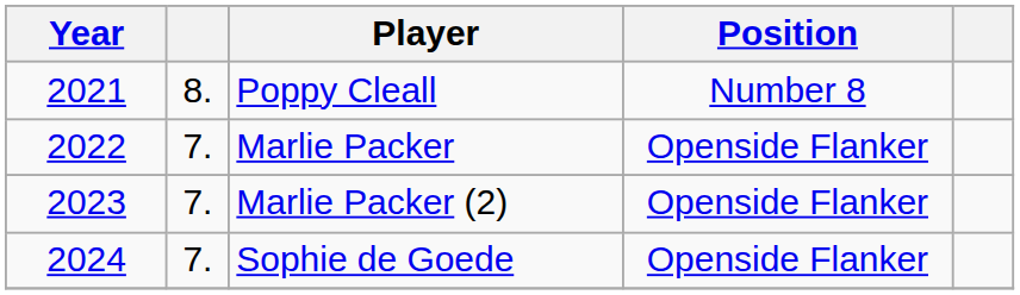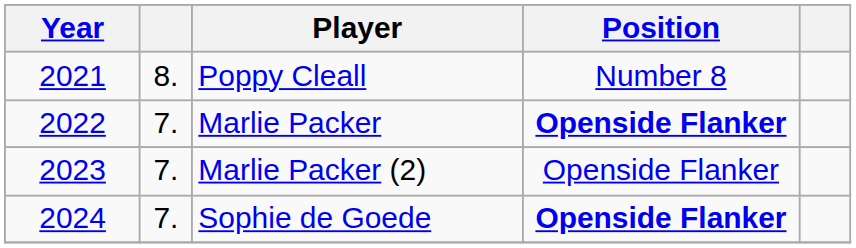 <table class="wikitable sticky-header">
 <tr>
 <th width=65><a href='#'>Year</a></th>
 <th width=20></th>
 <th width=170>Player</th>
 <th width=140><a href='#'>Position</a></th>
 <th width=20></th>
 </tr>
 <tr>
 <td align=center><a href='#'>2021</a></td>
 <td align=center>8.</td>
 <td> <a href='#'>Poppy Cleall</a></td>
 <td align=center><a href='#'>Number 8</a></td>
 <td align=center></td>
 </tr>
 <tr>
 <td align=center><a href='#'>2022</a></td>
 <td align=center>7.</td>
 <td> <a href='#'>Marlie Packer</a></td>
-<td align=center><a href='#'>Openside Flanker</a></td>
+<td align=center><strong><a href='#'>Openside Flanker</a></strong></td>
 <td align=center></td>
 </tr>
 <tr>
 <td align=center><a href='#'>2023</a></td>
 <td align=center>7.</td>
 <td> <a href='#'>Marlie Packer</a> (2)</td>
 <td align=center><a href='#'>Openside Flanker</a></td>
 <td align=center></td>
 </tr>
 <tr>
 <td align=center><a href='#'>2024</a></td>
 <td align=center>7.</td>
 <td> <a href='#'>Sophie de Goede</a></td>
-<td align=center><a href='#'>Openside Flanker</a></td>
+<td align=center><strong><a href='#'>Openside Flanker</a></strong></td>
 <td align=center></td>
 </tr>
 <tr>
 </tr>
 </table>
